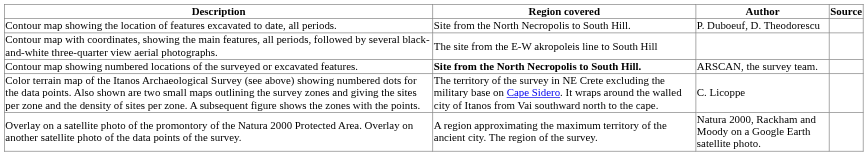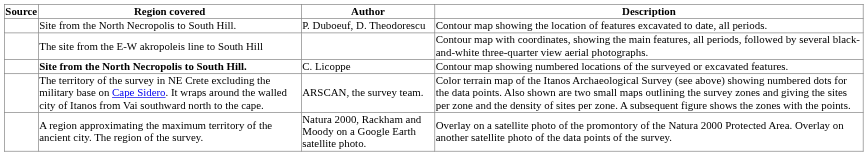 <table class-"wikitable" border=1 style="border-collapse: collapse">
 <tr>
-<th>Description</th>
+<th>Source</th>
 <th>Region covered</th>
 <th>Author</th>
-<th>Source</th>
+<th>Description</th>
 </tr>
 <tr>
-<td>Contour map showing the location of features excavated to date, all periods.</td>
+<td></td>
 <td>Site from the North Necropolis to South Hill.</td>
 <td>P. Duboeuf, D. Theodorescu</td>
-<td></td>
+<td>Contour map showing the location of features excavated to date, all periods.</td>
 </tr>
 <tr>
-<td>Contour map with coordinates, showing the main features, all periods, followed by several black-and-white three-quarter view aerial photographs.</td>
+<td></td>
 <td>The site from the E-W akropoleis line to South Hill</td>
 <td></td>
-<td></td>
+<td>Contour map with coordinates, showing the main features, all periods, followed by several black-and-white three-quarter view aerial photographs.</td>
 </tr>
 <tr>
+<td></td>
+<td><strong>Site from the North Necropolis to South Hill.</strong></td>
+<td>C. Licoppe</td>
 <td>Contour map showing numbered locations of the surveyed or excavated features.</td>
-<td><strong>Site from the North Necropolis to South Hill.</strong></td>
-<td>ARSCAN, the survey team.</td>
-<td></td>
 </tr>
 <tr>
+<td></td>
+<td>The territory of the survey in NE Crete excluding the military base on <a href='#'>Cape Sidero</a>. It wraps around the walled city of Itanos from Vai southward north to the cape.</td>
+<td>ARSCAN, the survey team.</td>
 <td>Color terrain map of the Itanos Archaeological Survey (see above) showing numbered dots for the data points. Also shown are two small maps outlining the survey zones and giving the sites per zone and the density of sites per zone. A subsequent figure shows the zones with the points.</td>
-<td>The territory of the survey in NE Crete excluding the military base on <a href='#'>Cape Sidero</a>. It wraps around the walled city of Itanos from Vai southward north to the cape.</td>
-<td>C. Licoppe</td>
-<td></td>
 </tr>
 <tr>
-<td>Overlay on a satellite photo of the promontory of the Natura 2000 Protected Area. Overlay on another satellite photo of the data points of the survey.</td>
+<td></td>
 <td>A region approximating the maximum territory of the ancient city. The region of the survey.</td>
 <td>Natura 2000, Rackham and Moody on a Google Earth satellite photo.</td>
-<td></td>
+<td>Overlay on a satellite photo of the promontory of the Natura 2000 Protected Area. Overlay on another satellite photo of the data points of the survey.</td>
 </tr>
 </table>
